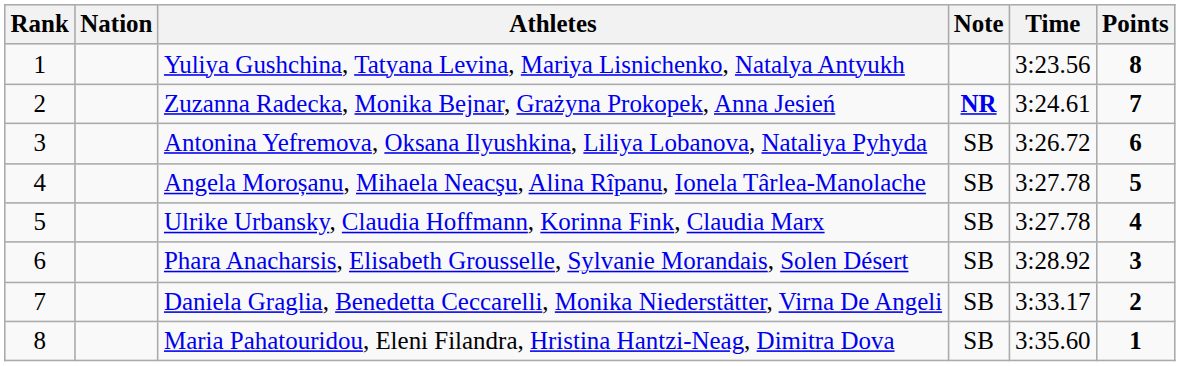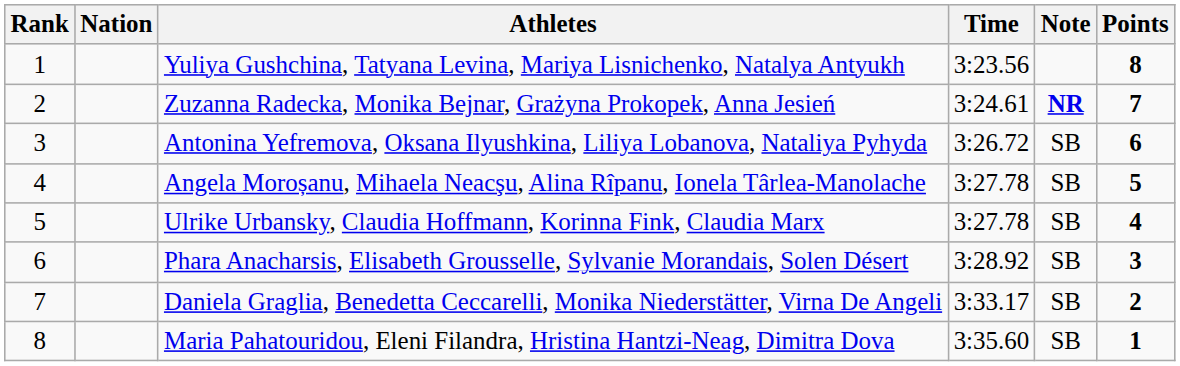 <table class="wikitable sortable" style="text-align:center">
 <tr>
 <th>Rank</th>
 <th>Nation</th>
 <th>Athletes</th>
+<th>Time</th>
 <th>Note</th>
-<th>Time</th>
 <th>Points</th>
 </tr>
 <tr>
 <td>1</td>
 <td align=left></td>
 <td align=left><a href='#'>Yuliya Gushchina</a>, <a href='#'>Tatyana Levina</a>, <a href='#'>Mariya Lisnichenko</a>, <a href='#'>Natalya Antyukh</a></td>
+<td>3:23.56</td>
 <td></td>
-<td>3:23.56</td>
 <td><strong>8</strong></td>
 </tr>
 <tr>
 <td>2</td>
 <td align=left></td>
 <td align=left><a href='#'>Zuzanna Radecka</a>, <a href='#'>Monika Bejnar</a>, <a href='#'>Grażyna Prokopek</a>, <a href='#'>Anna Jesień</a></td>
+<td>3:24.61</td>
 <td><strong><a href='#'>NR</a></strong></td>
-<td>3:24.61</td>
 <td><strong>7</strong></td>
 </tr>
 <tr>
 <td>3</td>
 <td align=left></td>
 <td align=left><a href='#'>Antonina Yefremova</a>, <a href='#'>Oksana Ilyushkina</a>, <a href='#'>Liliya Lobanova</a>, <a href='#'>Nataliya Pyhyda</a></td>
+<td>3:26.72</td>
 <td>SB</td>
-<td>3:26.72</td>
 <td><strong>6</strong></td>
 </tr>
 <tr>
 <td>4</td>
 <td align=left></td>
 <td align=left><a href='#'>Angela Moroșanu</a>, <a href='#'>Mihaela Neacşu</a>, <a href='#'>Alina Rîpanu</a>, <a href='#'>Ionela Târlea-Manolache</a></td>
+<td>3:27.78</td>
 <td>SB</td>
-<td>3:27.78</td>
 <td><strong>5</strong></td>
 </tr>
 <tr>
 <td>5</td>
 <td align=left></td>
 <td align=left><a href='#'>Ulrike Urbansky</a>, <a href='#'>Claudia Hoffmann</a>, <a href='#'>Korinna Fink</a>, <a href='#'>Claudia Marx</a></td>
+<td>3:27.78</td>
 <td>SB</td>
-<td>3:27.78</td>
 <td><strong>4</strong></td>
 </tr>
 <tr>
 <td>6</td>
 <td align=left></td>
 <td align=left><a href='#'>Phara Anacharsis</a>, <a href='#'>Elisabeth Grousselle</a>, <a href='#'>Sylvanie Morandais</a>, <a href='#'>Solen Désert</a></td>
+<td>3:28.92</td>
 <td>SB</td>
-<td>3:28.92</td>
 <td><strong>3</strong></td>
 </tr>
 <tr>
 <td>7</td>
 <td align=left></td>
 <td align=left><a href='#'>Daniela Graglia</a>, <a href='#'>Benedetta Ceccarelli</a>, <a href='#'>Monika Niederstätter</a>, <a href='#'>Virna De Angeli</a></td>
+<td>3:33.17</td>
 <td>SB</td>
-<td>3:33.17</td>
 <td><strong>2</strong></td>
 </tr>
 <tr>
 <td>8</td>
 <td align=left></td>
 <td align=left><a href='#'>Maria Pahatouridou</a>, Eleni Filandra, <a href='#'>Hristina Hantzi-Neag</a>, <a href='#'>Dimitra Dova</a></td>
+<td>3:35.60</td>
 <td>SB</td>
-<td>3:35.60</td>
 <td><strong>1</strong></td>
 </tr>
 </table>
